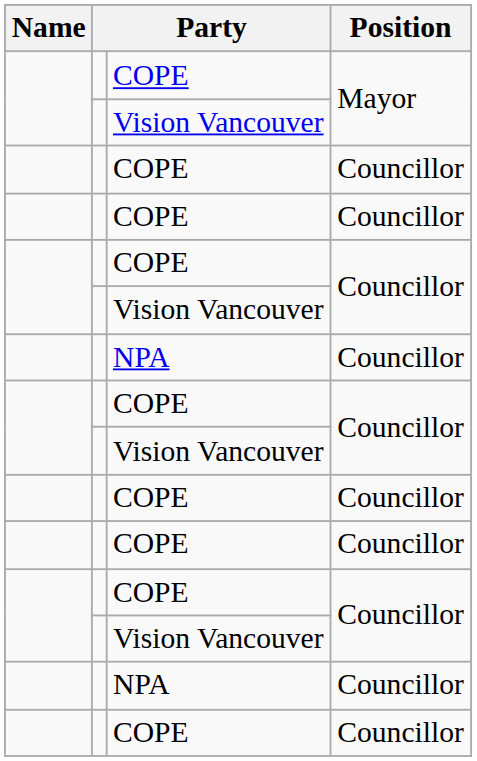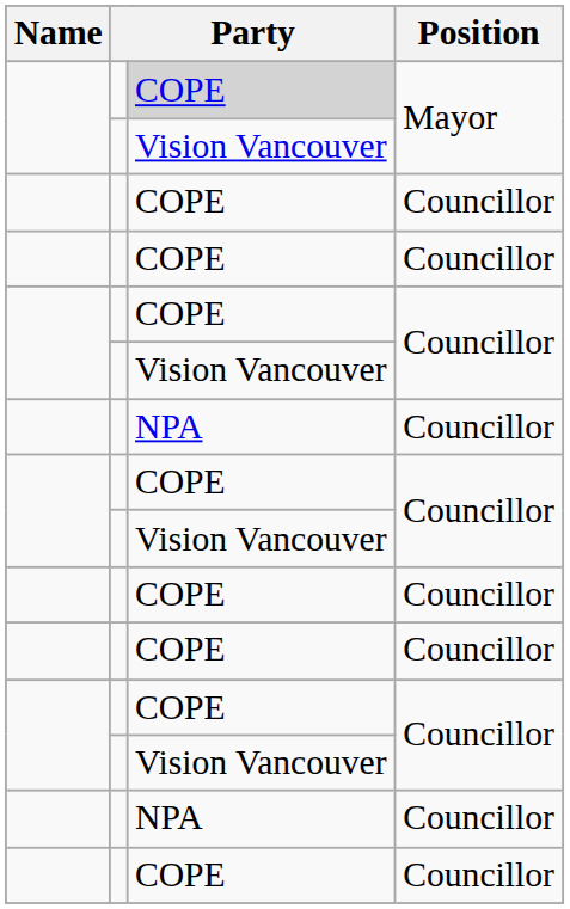 <table class="wikitable">
 <tr>
 <th>Name</th>
 <th colspan="2">Party</th>
 <th>Position</th>
 </tr>
 <tr>
 <td rowspan="2"></td>
 <td></td>
-<td><a href='#'>COPE</a> </td>
+<td style="background: lightgrey;"><a href='#'>COPE</a> </td>
 <td rowspan="2">Mayor</td>
 </tr>
 <tr>
 <td></td>
 <td><a href='#'>Vision Vancouver</a> </td>
 </tr>
 <tr>
 <td></td>
 <td></td>
 <td>COPE</td>
 <td>Councillor</td>
 </tr>
 <tr>
 <td></td>
 <td></td>
 <td>COPE</td>
 <td>Councillor</td>
 </tr>
 <tr>
 <td rowspan="2"></td>
 <td></td>
 <td>COPE </td>
 <td rowspan="2">Councillor</td>
 </tr>
 <tr>
 <td></td>
 <td>Vision Vancouver </td>
 </tr>
 <tr>
 <td></td>
 <td></td>
 <td><a href='#'>NPA</a></td>
 <td>Councillor</td>
 </tr>
 <tr>
 <td rowspan="2"></td>
 <td></td>
 <td>COPE </td>
 <td rowspan="2">Councillor</td>
 </tr>
 <tr>
 <td></td>
 <td>Vision Vancouver </td>
 </tr>
 <tr>
 <td></td>
 <td></td>
 <td>COPE</td>
 <td>Councillor</td>
 </tr>
 <tr>
 <td></td>
 <td></td>
 <td>COPE</td>
 <td>Councillor</td>
 </tr>
 <tr>
 <td rowspan="2"></td>
 <td></td>
 <td>COPE </td>
 <td rowspan="2">Councillor</td>
 </tr>
 <tr>
 <td></td>
 <td>Vision Vancouver </td>
 </tr>
 <tr>
 <td></td>
 <td></td>
 <td>NPA</td>
 <td>Councillor</td>
 </tr>
 <tr>
 <td></td>
 <td></td>
 <td>COPE</td>
 <td>Councillor</td>
 </tr>
 </table>
